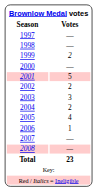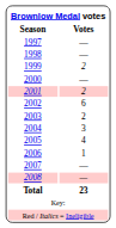 <table style="margin-right: 4px; margin-top: 8px; float: right; border: 1px #000000 solid; border-radius: 8px; background: #FFFFFF; font-family: Verdana; font-size: 8pt; text-align: center;">
 <tr style="background:#FFFFFF;">
 <td colspan=2; style="padding: 3px; margin-bottom: -3px; margin-top: 2px; font-family: Arial; background:#FFFFFF;"><strong><a href='#'>Brownlow Medal</a> votes</strong></td>
 </tr>
 <tr>
 <th width=50%>Season</th>
 <th width=50%>Votes</th>
 </tr>
 <tr>
 <td><a href='#'>1997</a></td>
 <td>—</td>
 </tr>
 <tr>
 <td><a href='#'>1998</a></td>
 <td>—</td>
 </tr>
 <tr>
 <td><a href='#'>1999</a></td>
 <td><em>2</em></td>
 </tr>
 <tr>
 <td><a href='#'>2000</a></td>
 <td>—</td>
 </tr>
 <tr style="background:#FFCCCC;">
 <td><em><a href='#'>2001</a></em></td>
-<td>5</td>
+<td><em>2</em></td>
 </tr>
 <tr>
 <td><a href='#'>2002</a></td>
+<td>6</td>
+</tr>
+<tr>
+<td><a href='#'>2003</a></td>
 <td>2</td>
 </tr>
 <tr>
-<td><a href='#'>2003</a></td>
+<td><a href='#'>2004</a></td>
 <td>3</td>
-</tr>
-<tr>
-<td><a href='#'>2004</a></td>
-<td>2</td>
 </tr>
 <tr>
 <td><a href='#'>2005</a></td>
 <td>4</td>
 </tr>
 <tr>
 <td><a href='#'>2006</a></td>
 <td>1</td>
 </tr>
 <tr>
 <td><a href='#'>2007</a></td>
 <td>—</td>
 </tr>
 <tr style="background:#FFCCCC;">
 <td><em><a href='#'>2008</a></em></td>
 <td><em>—</em></td>
 </tr>
 <tr>
 <th>Total</th>
 <th>23</th>
 </tr>
 <tr>
 <td colspan=2><small>Key:</small><br></td>
 </tr>
 <tr style="background-color:#FFCCCC; border:1px solid #aaaaaa; width:2em;">
 <td colspan=2><small>Red / <em>Italics</em> = <a href='#'>Ineligible</a></small></td>
 </tr>
 </table>
